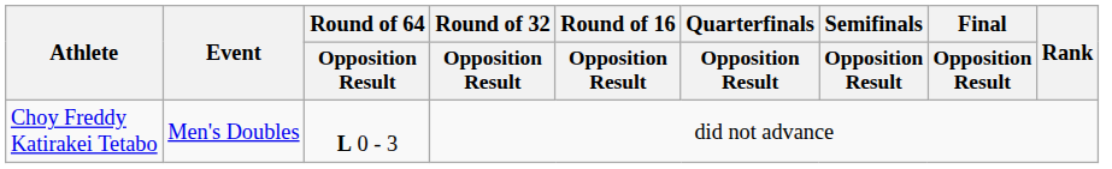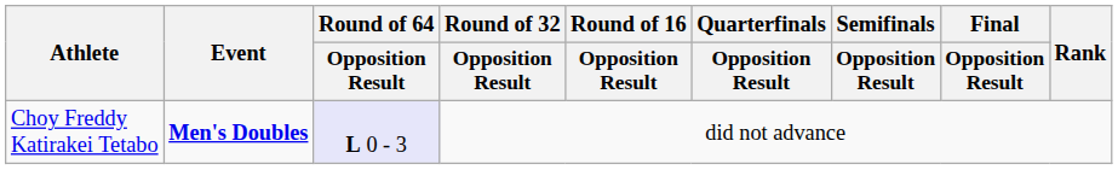 <table class="wikitable" style="font-size:90%">
 <tr>
 <th rowspan=2>Athlete</th>
 <th rowspan=2>Event</th>
 <th>Round of 64</th>
 <th>Round of 32</th>
 <th>Round of 16</th>
 <th>Quarterfinals</th>
 <th>Semifinals</th>
 <th>Final</th>
 <th rowspan=2>Rank</th>
 </tr>
 <tr style="font-size:95%">
 <th>Opposition<br>Result</th>
 <th>Opposition<br>Result</th>
 <th>Opposition<br>Result</th>
 <th>Opposition<br>Result</th>
 <th>Opposition<br>Result</th>
 <th>Opposition<br>Result</th>
 </tr>
 <tr align=center>
 <td align=left><a href='#'>Choy Freddy</a><br><a href='#'>Katirakei Tetabo</a></td>
-<td align=left><a href='#'>Men's Doubles</a></td>
-<td><br><strong>L</strong> 0 - 3</td>
+<td align=left><strong><a href='#'>Men's Doubles</a></strong></td>
+<td style="background: lavender;"><br><strong>L</strong> 0 - 3</td>
 <td colspan=6>did not advance</td>
 </tr>
 </table>
